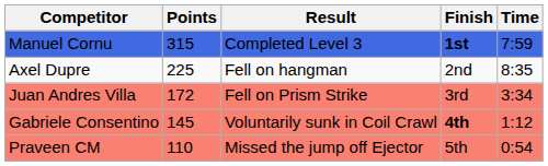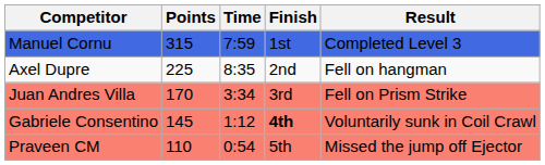 <table class="wikitable sortable">
 <tr>
 <th>Competitor</th>
 <th>Points</th>
+<th>Time</th>
+<th>Finish</th>
 <th>Result</th>
-<th>Finish</th>
-<th>Time</th>
 </tr>
 <tr style="background:royalblue;">
 <td> Manuel Cornu</td>
 <td>315</td>
+<td>7:59</td>
+<td>1st</td>
 <td>Completed Level 3</td>
-<td><strong>1st</strong></td>
-<td>7:59</td>
 </tr>
 <tr>
 <td> Axel Dupre</td>
 <td>225</td>
+<td>8:35</td>
+<td>2nd</td>
 <td>Fell on hangman</td>
-<td>2nd</td>
-<td>8:35</td>
 </tr>
 <tr style="background-color:#fa8072">
 <td> Juan Andres Villa</td>
-<td>172</td>
+<td>170</td>
+<td>3:34</td>
+<td>3rd</td>
 <td>Fell on Prism Strike</td>
-<td>3rd</td>
-<td>3:34</td>
 </tr>
 <tr style="background-color:#fa8072">
 <td> Gabriele Consentino</td>
 <td>145</td>
+<td>1:12</td>
+<td><strong>4th</strong></td>
 <td>Voluntarily sunk in Coil Crawl</td>
-<td><strong>4th</strong></td>
-<td>1:12</td>
 </tr>
 <tr style="background-color:#fa8072">
 <td> Praveen CM</td>
 <td>110</td>
+<td>0:54</td>
+<td>5th</td>
 <td>Missed the jump off Ejector</td>
-<td>5th</td>
-<td>0:54</td>
 </tr>
 </table>
